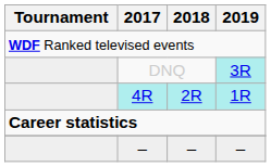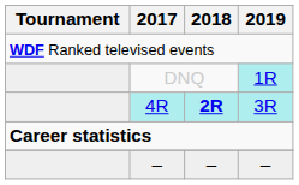 <table class="wikitable" style="width:20%; margin:0">
 <tr>
 <th>Tournament</th>
 <th>2017</th>
 <th>2018</th>
 <th>2019</th>
 </tr>
 <tr>
 <td colspan="5" style="text-align:left"><small><strong><a href='#'>WDF</a> </strong>Ranked televised events</small></td>
 </tr>
 <tr>
 <td style="background:#efefef;"></td>
 <td colspan="2" style="text-align:center; color:#ccc;">DNQ</td>
-<td style="text-align:center; background:#afeeee;"><a href='#'>3R</a></td>
+<td style="text-align:center; background:#afeeee;"><a href='#'>1R</a></td>
 </tr>
 <tr>
 <td style="background:#efefef;"></td>
 <td style="text-align:center; background:#afeeee;"><a href='#'>4R</a></td>
-<td style="text-align:center; background:#afeeee;"><a href='#'>2R</a></td>
-<td style="text-align:center; background:#afeeee;"><a href='#'>1R</a></td>
+<td style="text-align:center; background:#afeeee;"><strong><a href='#'>2R</a></strong></td>
+<td style="text-align:center; background:#afeeee;"><a href='#'>3R</a></td>
 </tr>
 <tr>
 <td colspan="5" style="text-align:left"><strong>Career statistics</strong></td>
 </tr>
 <tr>
 </tr>
 <tr style="background:#efefef">
 <td style="text-align:left"></td>
 <td style="text-align:center;">–</td>
 <td style="text-align:center;">–</td>
 <td style="text-align:center;">–</td>
 </tr>
 </table>
